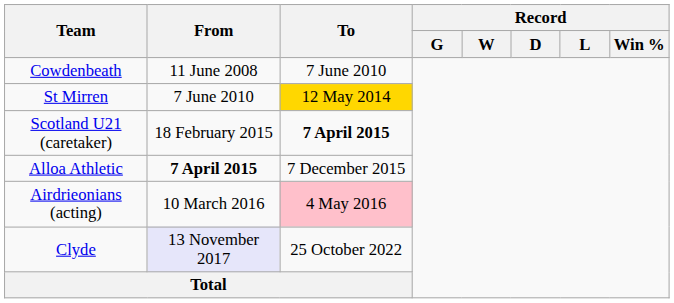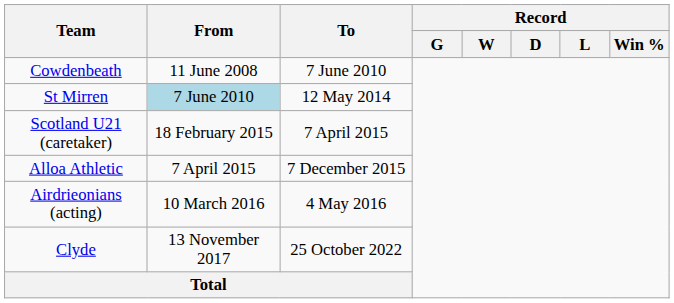 <table class="wikitable" style="text-align: center">
 <tr>
 <th rowspan="2!" style="width:130px;">Team</th>
 <th rowspan="2!" style="width:120px;">From</th>
 <th rowspan="2!" style="width:120px;">To</th>
 <th colspan=5>Record</th>
 </tr>
 <tr>
 <th width=40>G</th>
 <th width=40>W</th>
 <th width=40>D</th>
 <th width=40>L</th>
 <th width=50>Win %</th>
 </tr>
 <tr>
 <td align=center><a href='#'>Cowdenbeath</a></td>
 <td align=center>11 June 2008</td>
 <td align=center>7 June 2010<br></td>
 </tr>
 <tr>
 <td align=center><a href='#'>St Mirren</a></td>
-<td align=center>7 June 2010</td>
-<td align=center style="background: gold;">12 May 2014<br></td>
+<td align=center style="background: lightblue;">7 June 2010</td>
+<td align=center>12 May 2014<br></td>
 </tr>
 <tr>
 <td align=center><a href='#'>Scotland U21</a> (caretaker)</td>
 <td align=center>18 February 2015</td>
-<td align=center><strong>7 April 2015<br></strong></td>
+<td align=center>7 April 2015<br></td>
 </tr>
 <tr>
 <td align=center><a href='#'>Alloa Athletic</a></td>
-<td align=center><strong>7 April 2015</strong></td>
+<td align=center>7 April 2015</td>
 <td align=center>7 December 2015<br></td>
 </tr>
 <tr>
 <td align=center><a href='#'>Airdrieonians</a> (acting)</td>
 <td align=center>10 March 2016</td>
-<td align=center style="background: pink;">4 May 2016<br></td>
+<td align=center>4 May 2016<br></td>
 </tr>
 <tr>
 <td align=center><a href='#'>Clyde</a></td>
-<td align=center style="background: lavender;">13 November 2017</td>
+<td align=center>13 November 2017</td>
 <td align=center>25 October 2022<br></td>
 </tr>
 <tr>
 <th colspan=3>Total<br></th>
 </tr>
 </table>
